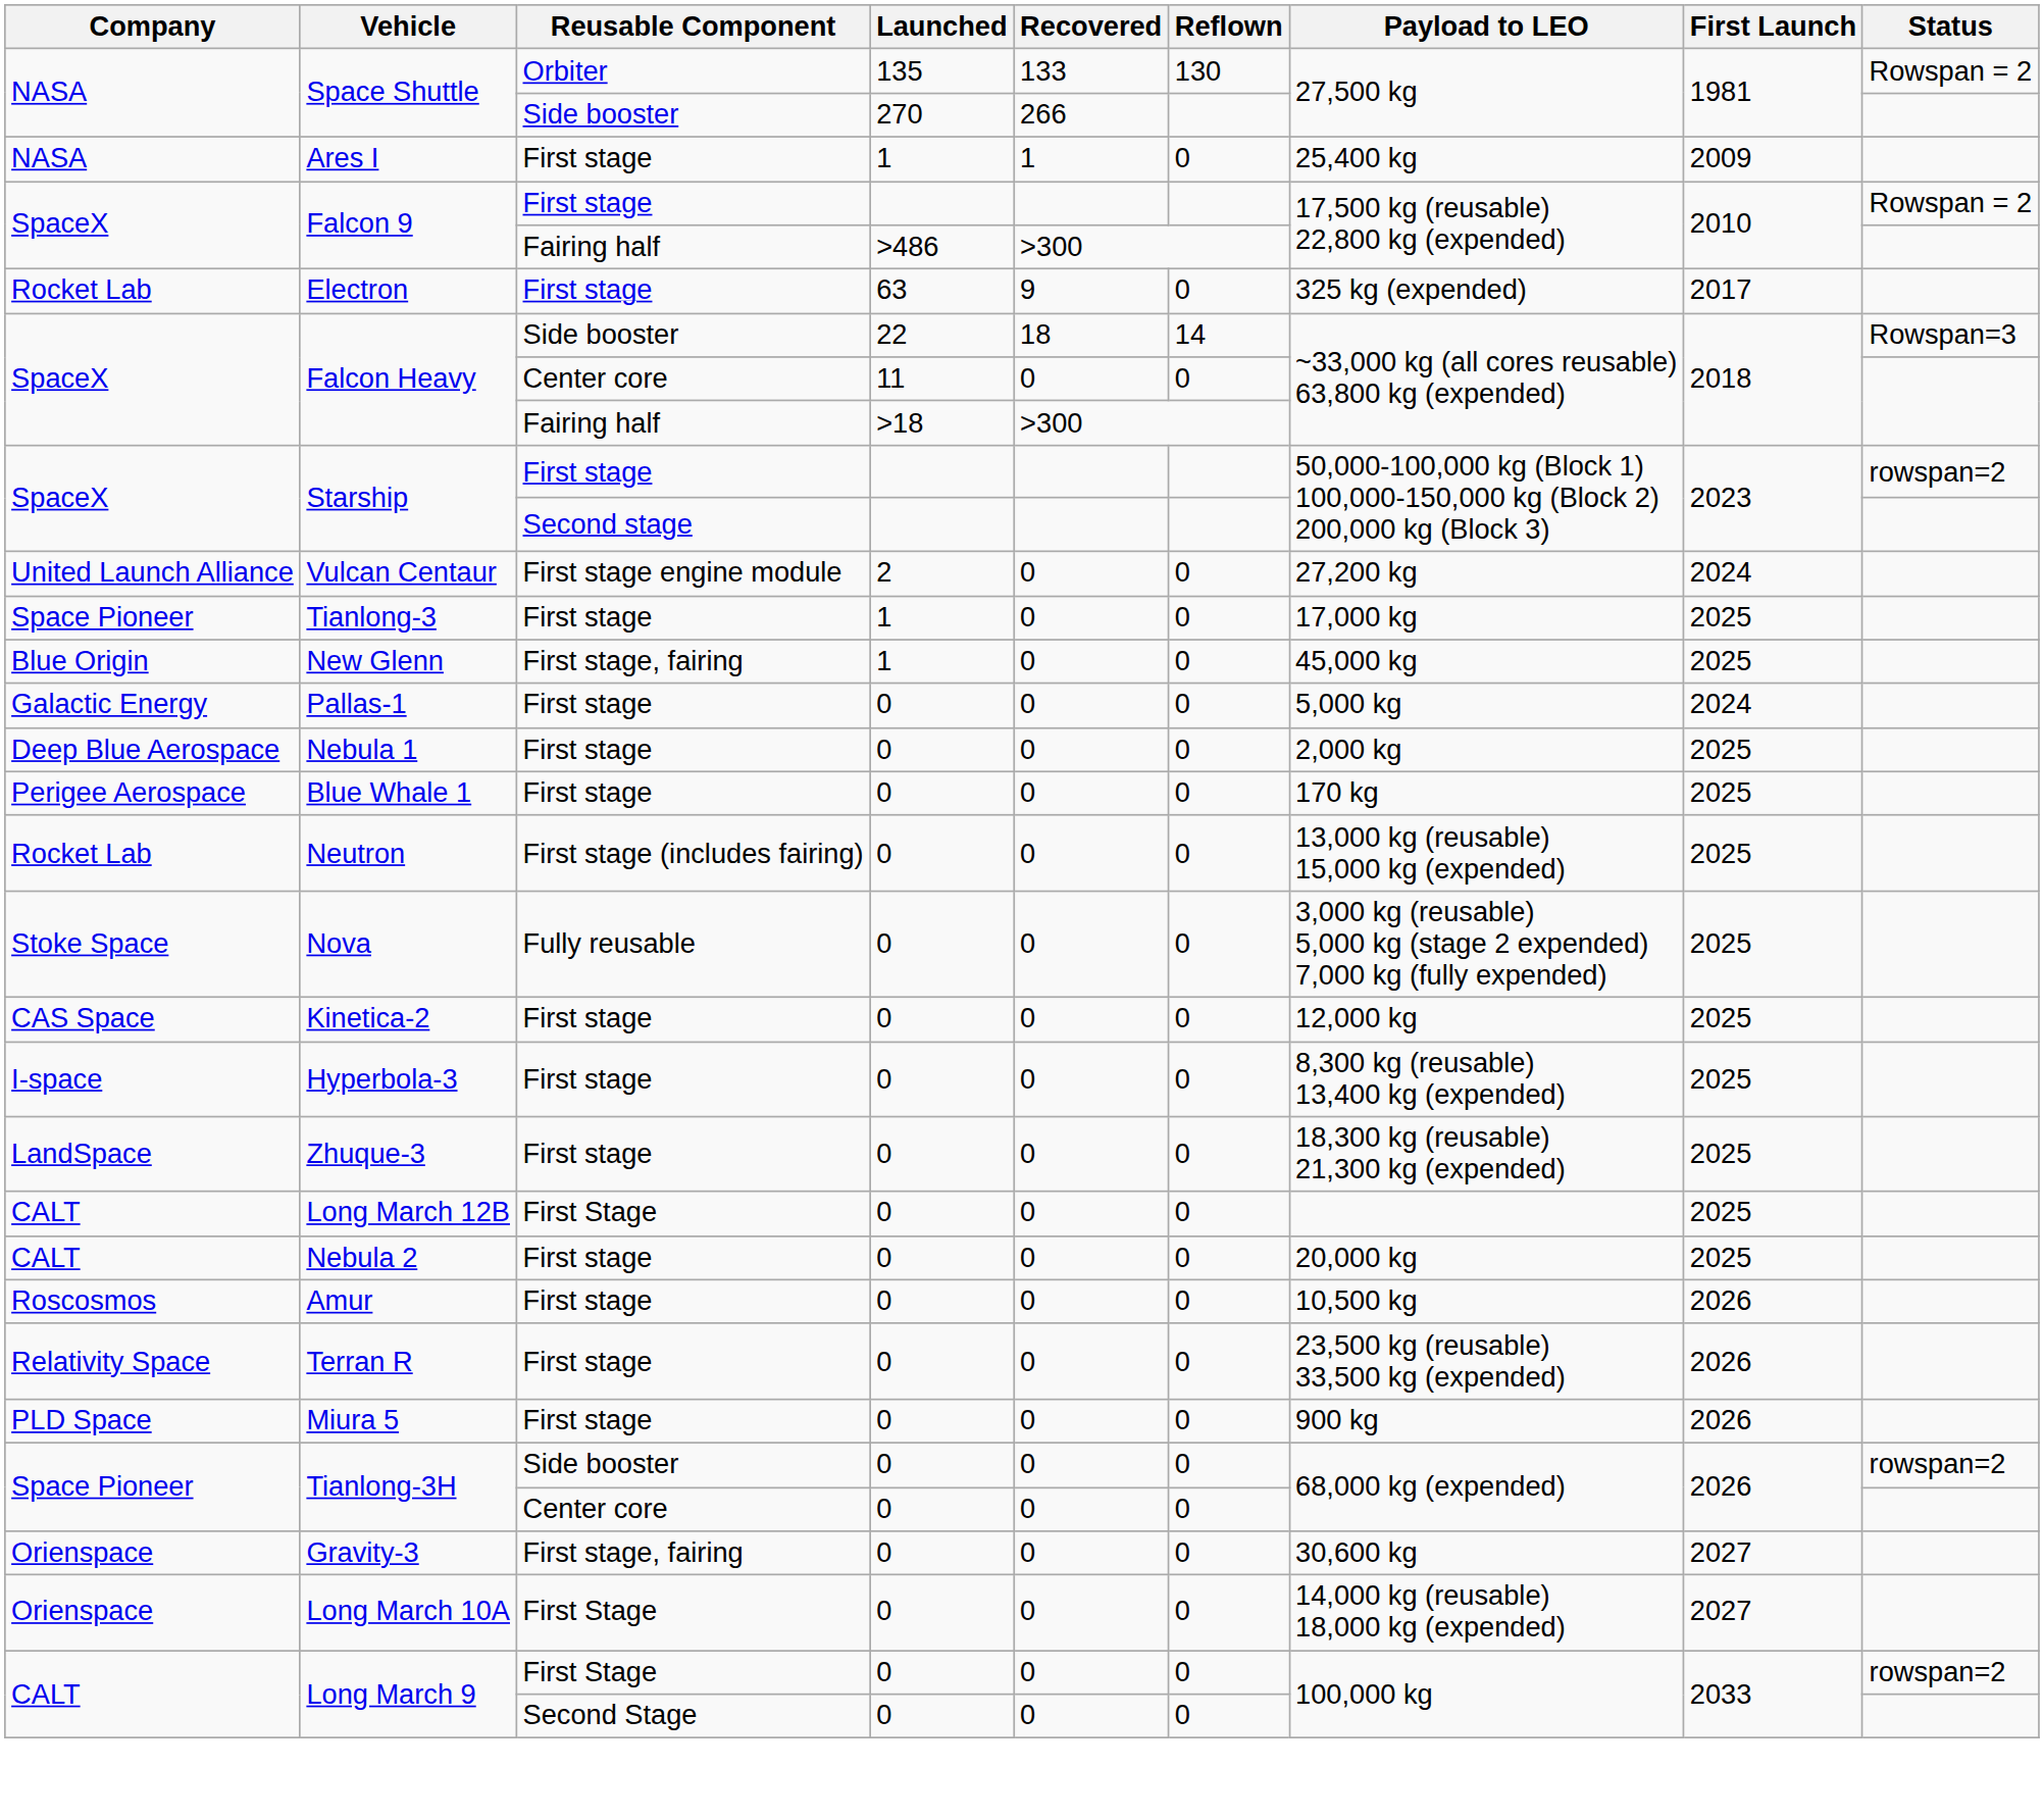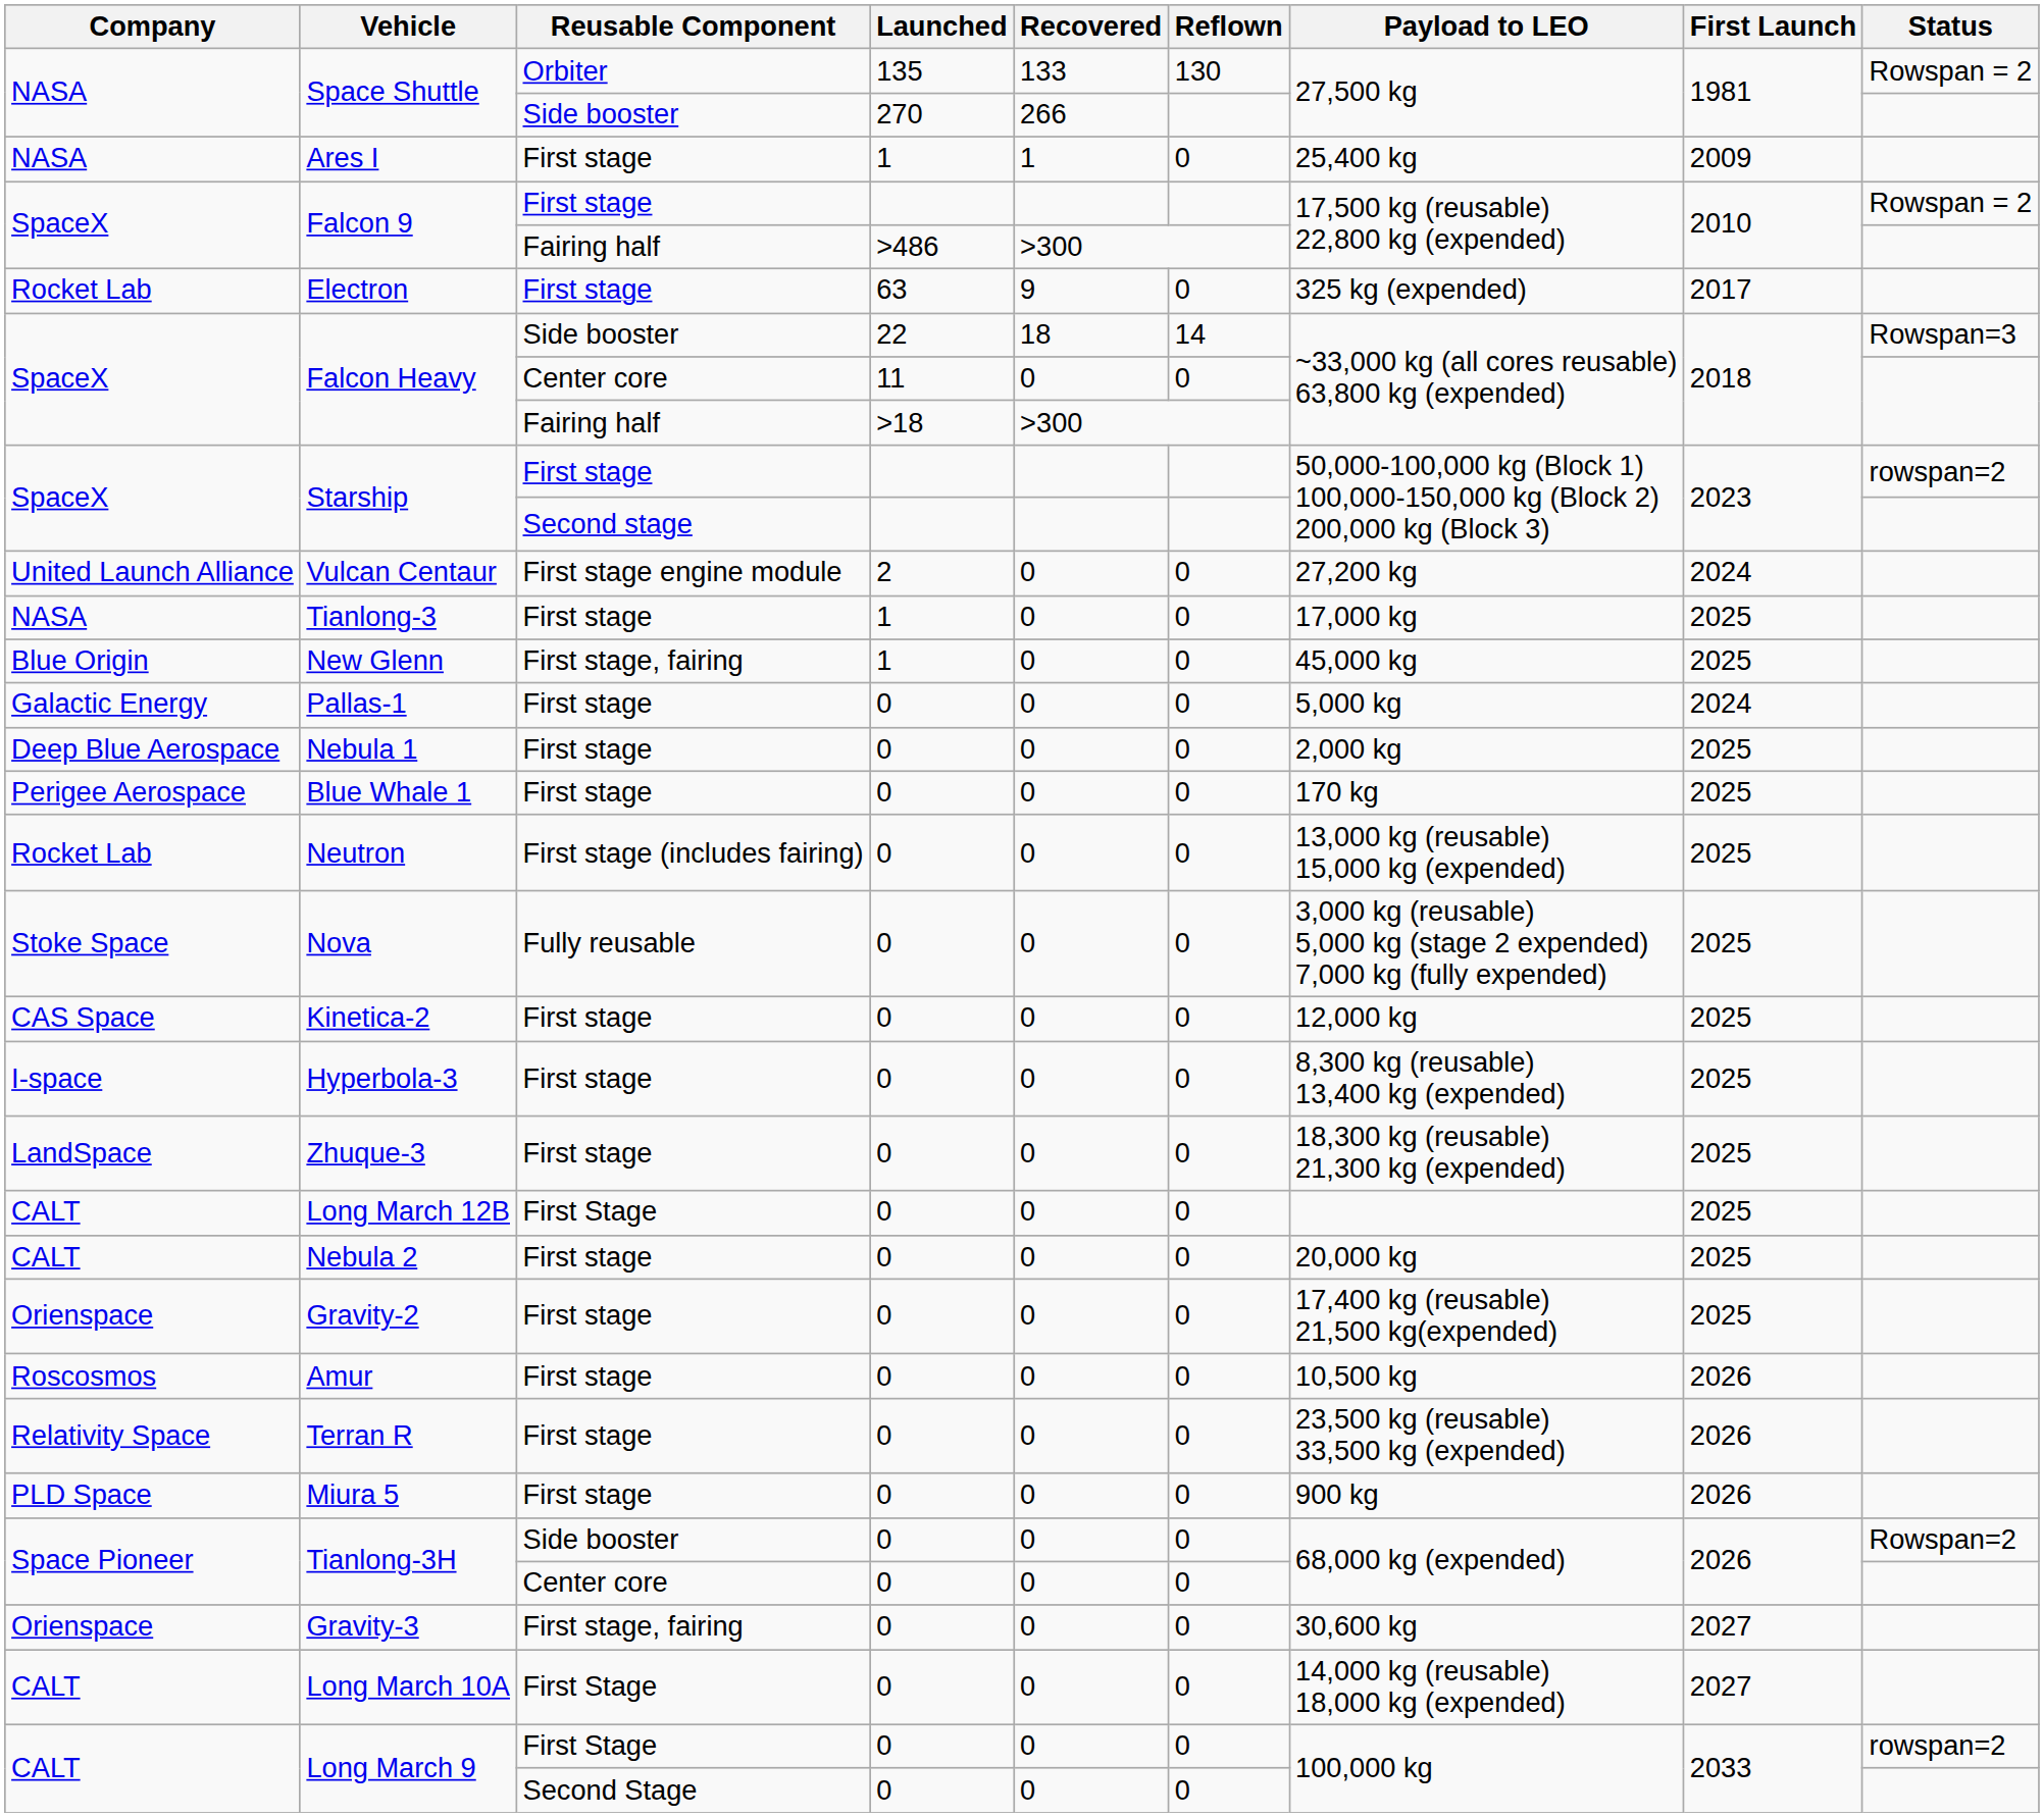 <table class="wikitable sortable">
 <tr>
 <th>Company</th>
 <th>Vehicle</th>
 <th>Reusable Component</th>
 <th>Launched</th>
 <th>Recovered</th>
 <th>Reflown</th>
 <th>Payload to LEO</th>
 <th>First Launch</th>
 <th>Status</th>
 </tr>
 <tr>
 <td rowspan=2> <a href='#'>NASA</a></td>
 <td rowspan=2><a href='#'>Space Shuttle</a></td>
 <td><a href='#'>Orbiter</a></td>
 <td>135</td>
 <td>133</td>
 <td>130</td>
 <td Rowspan=2>27,500 kg</td>
 <td Rowspan=2>1981</td>
 <td>Rowspan = 2 </td>
 </tr>
 <tr>
 <td><a href='#'>Side booster</a></td>
 <td>270</td>
 <td>266</td>
 <td></td>
 </tr>
 <tr>
 <td> <a href='#'>NASA</a></td>
 <td><a href='#'>Ares I</a></td>
 <td>First stage</td>
 <td>1</td>
 <td>1</td>
 <td>0</td>
 <td>25,400 kg</td>
 <td>2009</td>
 <td></td>
 </tr>
 <tr>
 <td Rowspan = 2> <a href='#'>SpaceX</a></td>
 <td Rowspan = 2><a href='#'>Falcon 9</a></td>
 <td><a href='#'>First stage</a></td>
 <td></td>
 <td></td>
 <td> </td>
 <td Rowspan = 2>17,500 kg (reusable)<br>22,800 kg (expended)</td>
 <td Rowspan = 2>2010</td>
 <td>Rowspan = 2 </td>
 </tr>
 <tr>
 <td>Fairing half</td>
 <td>>486</td>
 <td colspan = 2>>300 </td>
 </tr>
 <tr>
 <td> <a href='#'>Rocket Lab</a></td>
 <td><a href='#'>Electron</a></td>
 <td><a href='#'>First stage</a></td>
 <td>63</td>
 <td>9</td>
 <td>0</td>
 <td>325 kg (expended)</td>
 <td>2017</td>
 <td></td>
 </tr>
 <tr>
 <td Rowspan=3> <a href='#'>SpaceX</a></td>
 <td Rowspan=3><a href='#'>Falcon Heavy</a></td>
 <td>Side booster</td>
 <td>22</td>
 <td>18</td>
 <td>14</td>
 <td Rowspan=3>~33,000 kg (all cores reusable)<br>63,800 kg (expended)</td>
 <td Rowspan=3>2018</td>
 <td>Rowspan=3 </td>
 </tr>
 <tr>
 <td>Center core</td>
 <td>11</td>
 <td>0</td>
 <td>0</td>
 </tr>
 <tr>
 <td>Fairing half</td>
 <td>>18</td>
 <td colspan = 2>>300 </td>
 </tr>
 <tr>
 <td rowspan=2> <a href='#'>SpaceX</a></td>
 <td rowspan=2><a href='#'>Starship</a></td>
 <td><a href='#'>First stage</a></td>
 <td></td>
 <td></td>
 <td></td>
 <td rowspan=2>50,000-100,000 kg (Block 1)<br>100,000-150,000 kg (Block 2)<br>200,000 kg (Block 3)</td>
 <td rowspan=2>2023</td>
 <td>rowspan=2 </td>
 </tr>
 <tr>
 <td><a href='#'>Second stage</a></td>
 <td></td>
 <td></td>
 <td></td>
 </tr>
 <tr>
 <td> <a href='#'>United Launch Alliance</a></td>
 <td><a href='#'>Vulcan Centaur</a></td>
 <td>First stage engine module</td>
 <td>2</td>
 <td>0</td>
 <td>0</td>
 <td>27,200 kg</td>
 <td>2024</td>
 <td></td>
 </tr>
 <tr>
-<td> <a href='#'>Space Pioneer</a></td>
+<td> <a href='#'>NASA</a></td>
 <td><a href='#'>Tianlong-3</a></td>
 <td>First stage</td>
 <td>1</td>
 <td>0</td>
 <td>0</td>
 <td>17,000 kg</td>
 <td>2025</td>
 <td></td>
 </tr>
 <tr>
 <td> <a href='#'>Blue Origin</a></td>
 <td><a href='#'>New Glenn</a></td>
 <td>First stage, fairing</td>
 <td>1</td>
 <td>0</td>
 <td>0</td>
 <td>45,000 kg</td>
 <td>2025</td>
 <td></td>
 </tr>
 <tr>
 <td> <a href='#'>Galactic Energy</a></td>
 <td><a href='#'>Pallas-1</a></td>
 <td>First stage</td>
 <td>0</td>
 <td>0</td>
 <td>0</td>
 <td>5,000 kg</td>
 <td>2024</td>
 <td></td>
 </tr>
 <tr>
 <td> <a href='#'>Deep Blue Aerospace</a></td>
 <td><a href='#'>Nebula 1</a></td>
 <td>First stage</td>
 <td>0</td>
 <td>0</td>
 <td>0</td>
 <td>2,000 kg</td>
 <td>2025</td>
 <td></td>
 </tr>
 <tr>
 <td> <a href='#'>Perigee Aerospace</a></td>
 <td><a href='#'>Blue Whale 1</a></td>
 <td>First stage</td>
 <td>0</td>
 <td>0</td>
 <td>0</td>
 <td>170 kg</td>
 <td>2025</td>
 <td></td>
 </tr>
 <tr>
 <td> <a href='#'>Rocket Lab</a></td>
 <td><a href='#'>Neutron</a></td>
 <td>First stage (includes fairing)</td>
 <td>0</td>
 <td>0</td>
 <td>0</td>
 <td>13,000 kg (reusable)<br>15,000 kg (expended)</td>
 <td>2025</td>
 <td></td>
 </tr>
 <tr>
 <td> <a href='#'>Stoke Space</a></td>
 <td><a href='#'>Nova</a></td>
 <td>Fully reusable</td>
 <td>0</td>
 <td>0</td>
 <td>0</td>
 <td>3,000 kg (reusable)<br>5,000 kg (stage 2 expended)<br>7,000 kg (fully expended)</td>
 <td>2025</td>
 <td></td>
 </tr>
 <tr>
 <td> <a href='#'>CAS Space</a></td>
 <td><a href='#'>Kinetica-2</a></td>
 <td>First stage</td>
 <td>0</td>
 <td>0</td>
 <td>0</td>
 <td>12,000 kg</td>
 <td>2025</td>
 <td></td>
 </tr>
 <tr>
 <td> <a href='#'>I-space</a></td>
 <td><a href='#'>Hyperbola-3</a></td>
 <td>First stage</td>
 <td>0</td>
 <td>0</td>
 <td>0</td>
 <td>8,300 kg (reusable)<br>13,400 kg (expended)</td>
 <td>2025</td>
 <td></td>
 </tr>
 <tr>
 <td> <a href='#'>LandSpace</a></td>
 <td><a href='#'>Zhuque-3</a></td>
 <td>First stage</td>
 <td>0</td>
 <td>0</td>
 <td>0</td>
 <td>18,300 kg (reusable)<br>21,300 kg (expended)</td>
 <td>2025</td>
 <td></td>
 </tr>
 <tr>
 <td> <a href='#'>CALT</a></td>
 <td><a href='#'>Long March 12B</a></td>
 <td>First Stage</td>
 <td>0</td>
 <td>0</td>
 <td>0</td>
 <td></td>
 <td>2025</td>
 <td></td>
 </tr>
 <tr>
 <td> <a href='#'>CALT</a></td>
 <td><a href='#'>Nebula 2</a></td>
 <td>First stage</td>
 <td>0</td>
 <td>0</td>
 <td>0</td>
 <td>20,000 kg</td>
 <td>2025</td>
 <td></td>
 </tr>
 <tr>
+<td> <a href='#'>Orienspace</a></td>
+<td><a href='#'>Gravity-2</a></td>
+<td>First stage</td>
+<td>0</td>
+<td>0</td>
+<td>0</td>
+<td>17,400 kg (reusable)<br>21,500 kg(expended)</td>
+<td>2025</td>
+<td></td>
+</tr>
+<tr>
 <td> <a href='#'>Roscosmos</a></td>
 <td><a href='#'>Amur</a></td>
 <td>First stage</td>
 <td>0</td>
 <td>0</td>
 <td>0</td>
 <td>10,500 kg</td>
 <td>2026</td>
 <td></td>
 </tr>
 <tr>
 <td> <a href='#'>Relativity Space</a></td>
 <td><a href='#'>Terran R</a></td>
 <td>First stage</td>
 <td>0</td>
 <td>0</td>
 <td>0</td>
 <td>23,500 kg (reusable)<br>33,500 kg (expended)</td>
 <td>2026</td>
 <td></td>
 </tr>
 <tr>
 <td> <a href='#'>PLD Space</a></td>
 <td><a href='#'>Miura 5</a></td>
 <td>First stage</td>
 <td>0</td>
 <td>0</td>
 <td>0</td>
 <td>900 kg</td>
 <td>2026</td>
 <td></td>
 </tr>
 <tr>
 <td Rowspan=2> <a href='#'>Space Pioneer</a></td>
 <td Rowspan=2><a href='#'>Tianlong-3H</a></td>
 <td>Side booster</td>
 <td>0</td>
 <td>0</td>
 <td>0</td>
 <td Rowspan=2>68,000 kg (expended)</td>
 <td Rowspan=2>2026</td>
-<td>rowspan=2 </td>
+<td>Rowspan=2 </td>
 </tr>
 <tr>
 <td>Center core</td>
 <td>0</td>
 <td>0</td>
 <td>0</td>
 </tr>
 <tr>
 <td> <a href='#'>Orienspace</a></td>
 <td><a href='#'>Gravity-3</a></td>
 <td>First stage, fairing</td>
 <td>0</td>
 <td>0</td>
 <td>0</td>
 <td>30,600 kg</td>
 <td>2027</td>
 <td></td>
 </tr>
 <tr>
-<td> <a href='#'>Orienspace</a></td>
+<td> <a href='#'>CALT</a></td>
 <td><a href='#'>Long March 10A</a></td>
 <td>First Stage</td>
 <td>0</td>
 <td>0</td>
 <td>0</td>
 <td>14,000 kg (reusable)<br>18,000 kg (expended)</td>
 <td>2027</td>
 <td></td>
 </tr>
 <tr>
 <td rowspan=2> <a href='#'>CALT</a></td>
 <td rowspan=2><a href='#'>Long March 9</a></td>
 <td>First Stage</td>
 <td>0</td>
 <td>0</td>
 <td>0</td>
 <td rowspan=2>100,000 kg</td>
 <td rowspan=2>2033</td>
 <td>rowspan=2 </td>
 </tr>
 <tr>
 <td>Second Stage</td>
 <td>0</td>
 <td>0</td>
 <td>0</td>
 </tr>
 </table>
